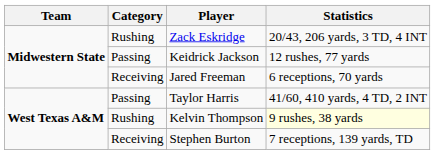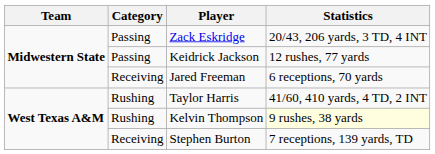 <table class="wikitable" style="float: left;">
 <tr>
 <th>Team</th>
 <th>Category</th>
 <th>Player</th>
 <th>Statistics</th>
 </tr>
 <tr>
 <td rowspan=3><strong>Midwestern State</strong></td>
-<td>Rushing</td>
+<td>Passing</td>
 <td><a href='#'>Zack Eskridge</a></td>
 <td>20/43, 206 yards, 3 TD, 4 INT</td>
 </tr>
 <tr>
 <td>Passing</td>
 <td>Keidrick Jackson</td>
 <td>12 rushes, 77 yards</td>
 </tr>
 <tr>
 <td>Receiving</td>
 <td>Jared Freeman</td>
 <td>6 receptions, 70 yards</td>
 </tr>
 <tr>
 <td rowspan=3><strong>West Texas A&M</strong></td>
-<td>Passing</td>
+<td>Rushing</td>
 <td>Taylor Harris</td>
 <td>41/60, 410 yards, 4 TD, 2 INT</td>
 </tr>
 <tr>
 <td>Rushing</td>
 <td>Kelvin Thompson</td>
 <td style="background: lightyellow;">9 rushes, 38 yards</td>
 </tr>
 <tr>
 <td>Receiving</td>
 <td>Stephen Burton</td>
 <td>7 receptions, 139 yards, TD</td>
 </tr>
 </table>
